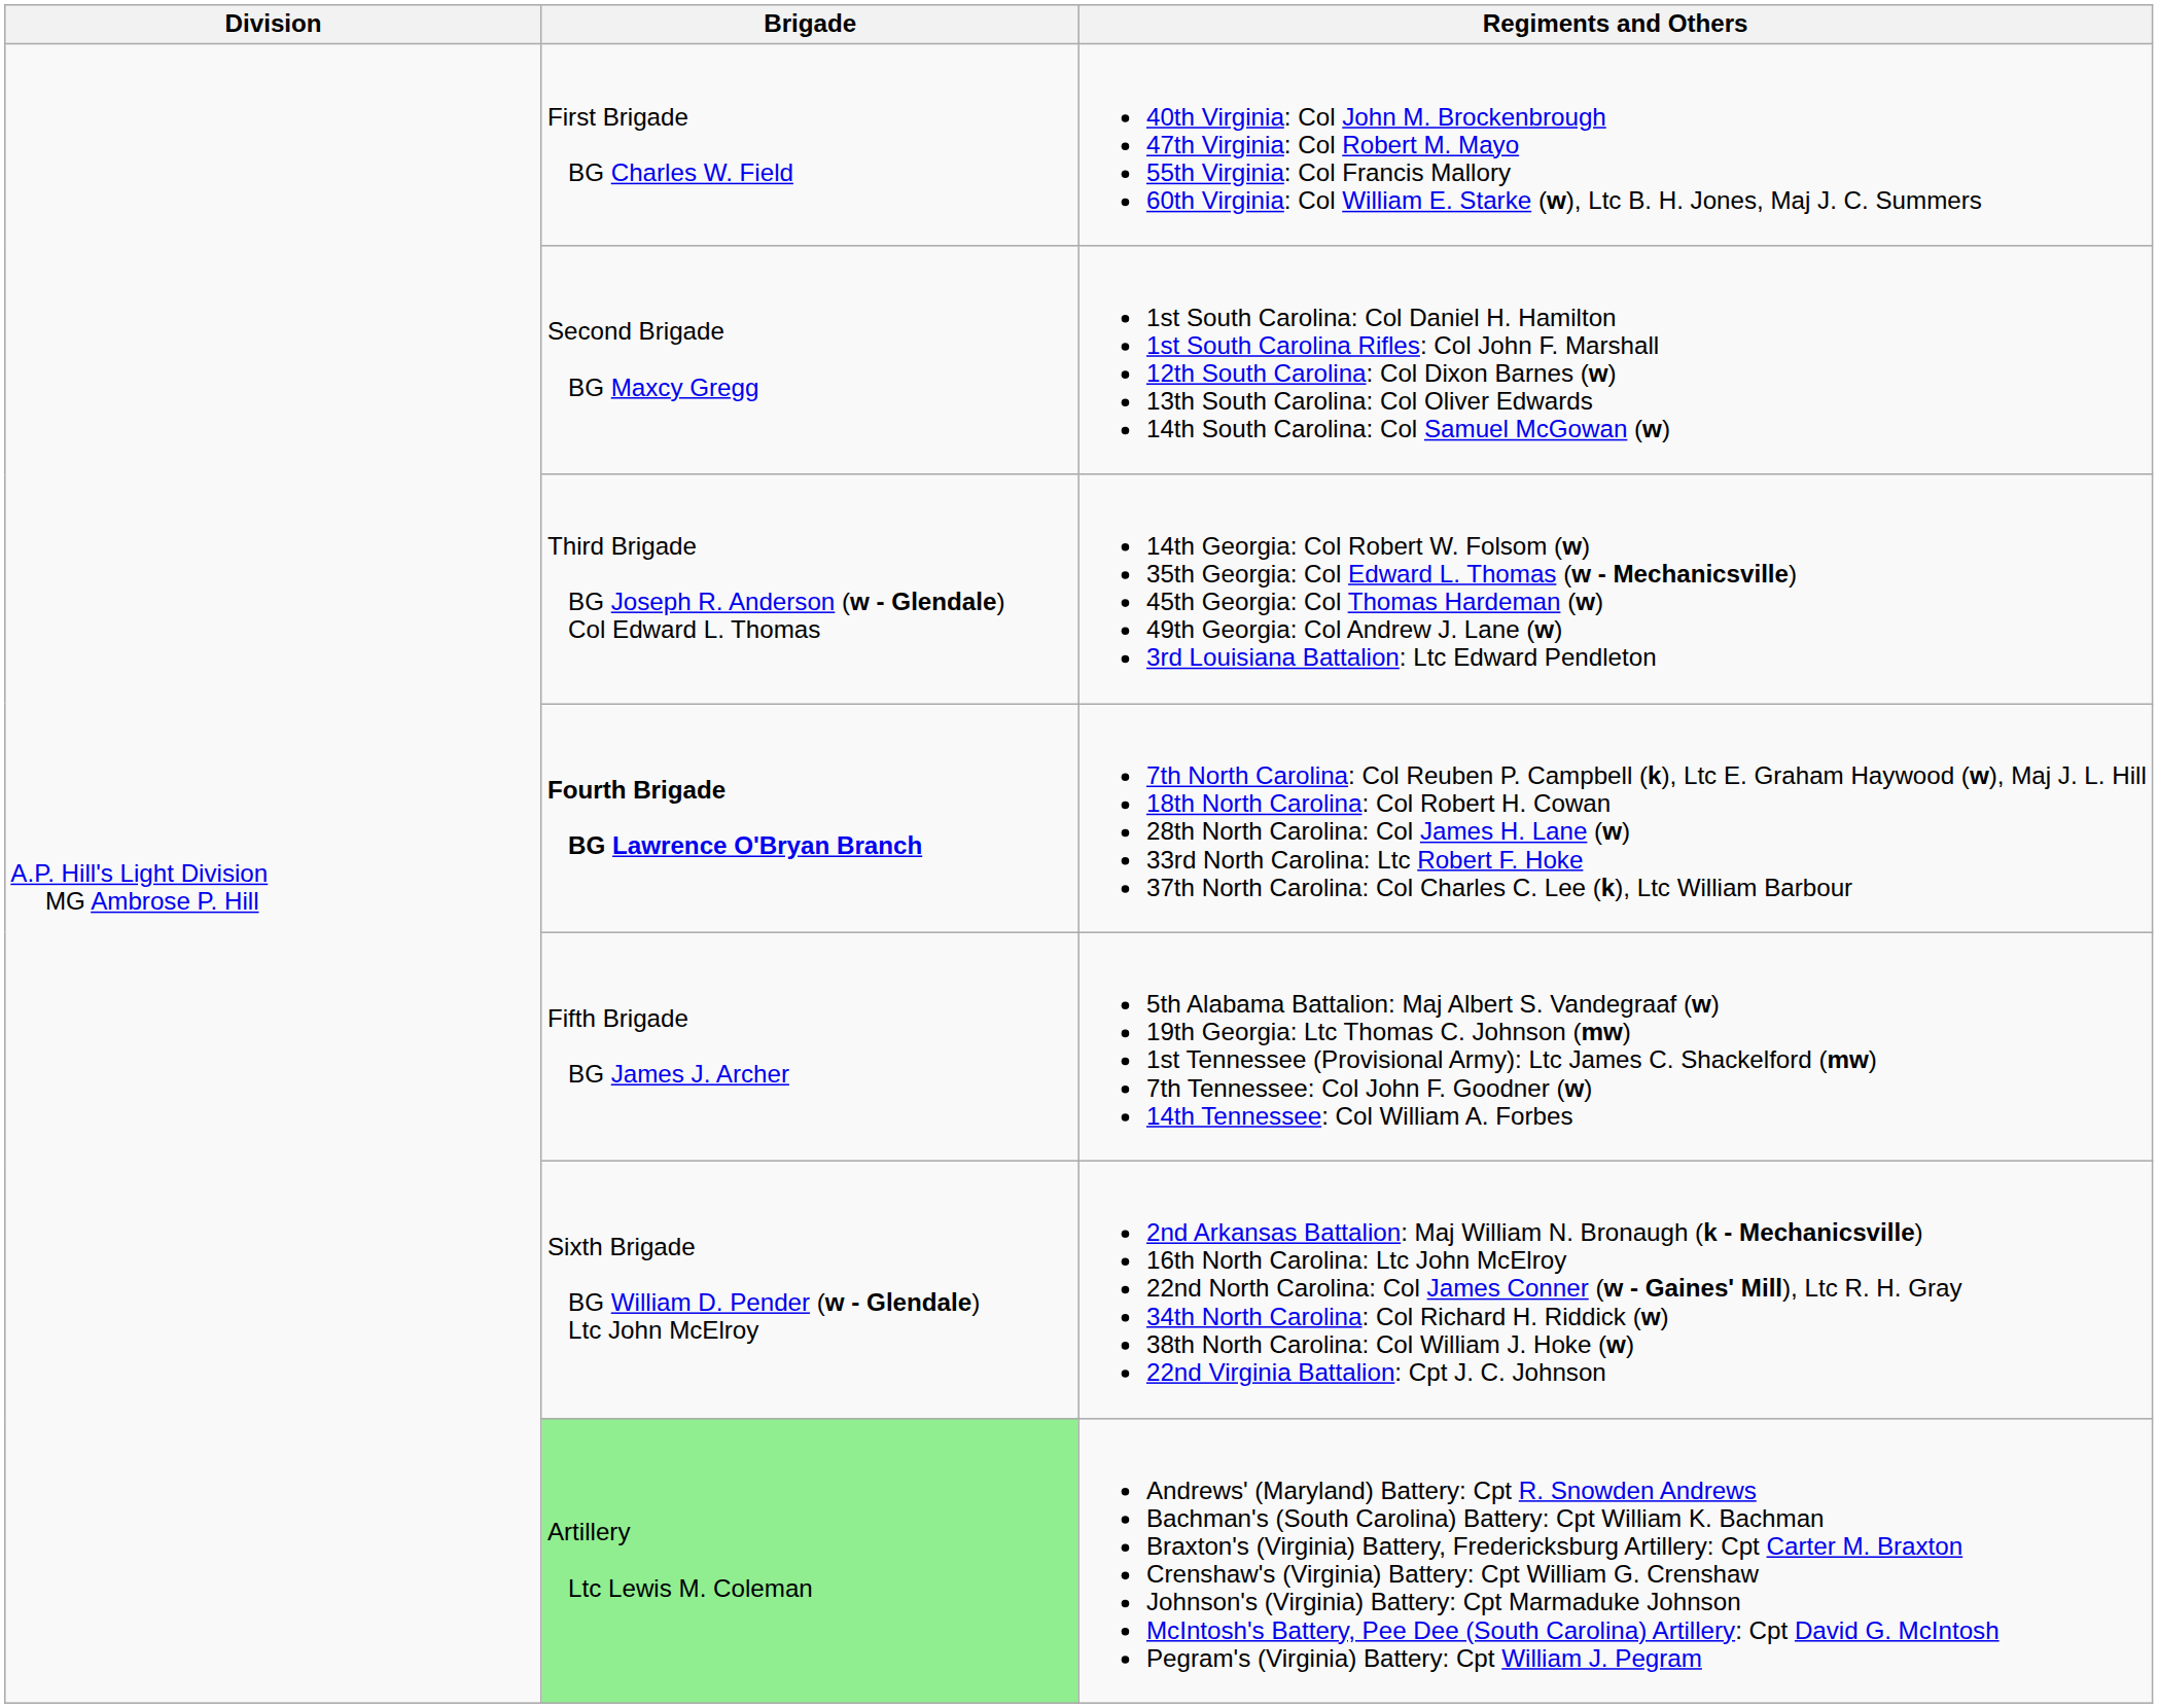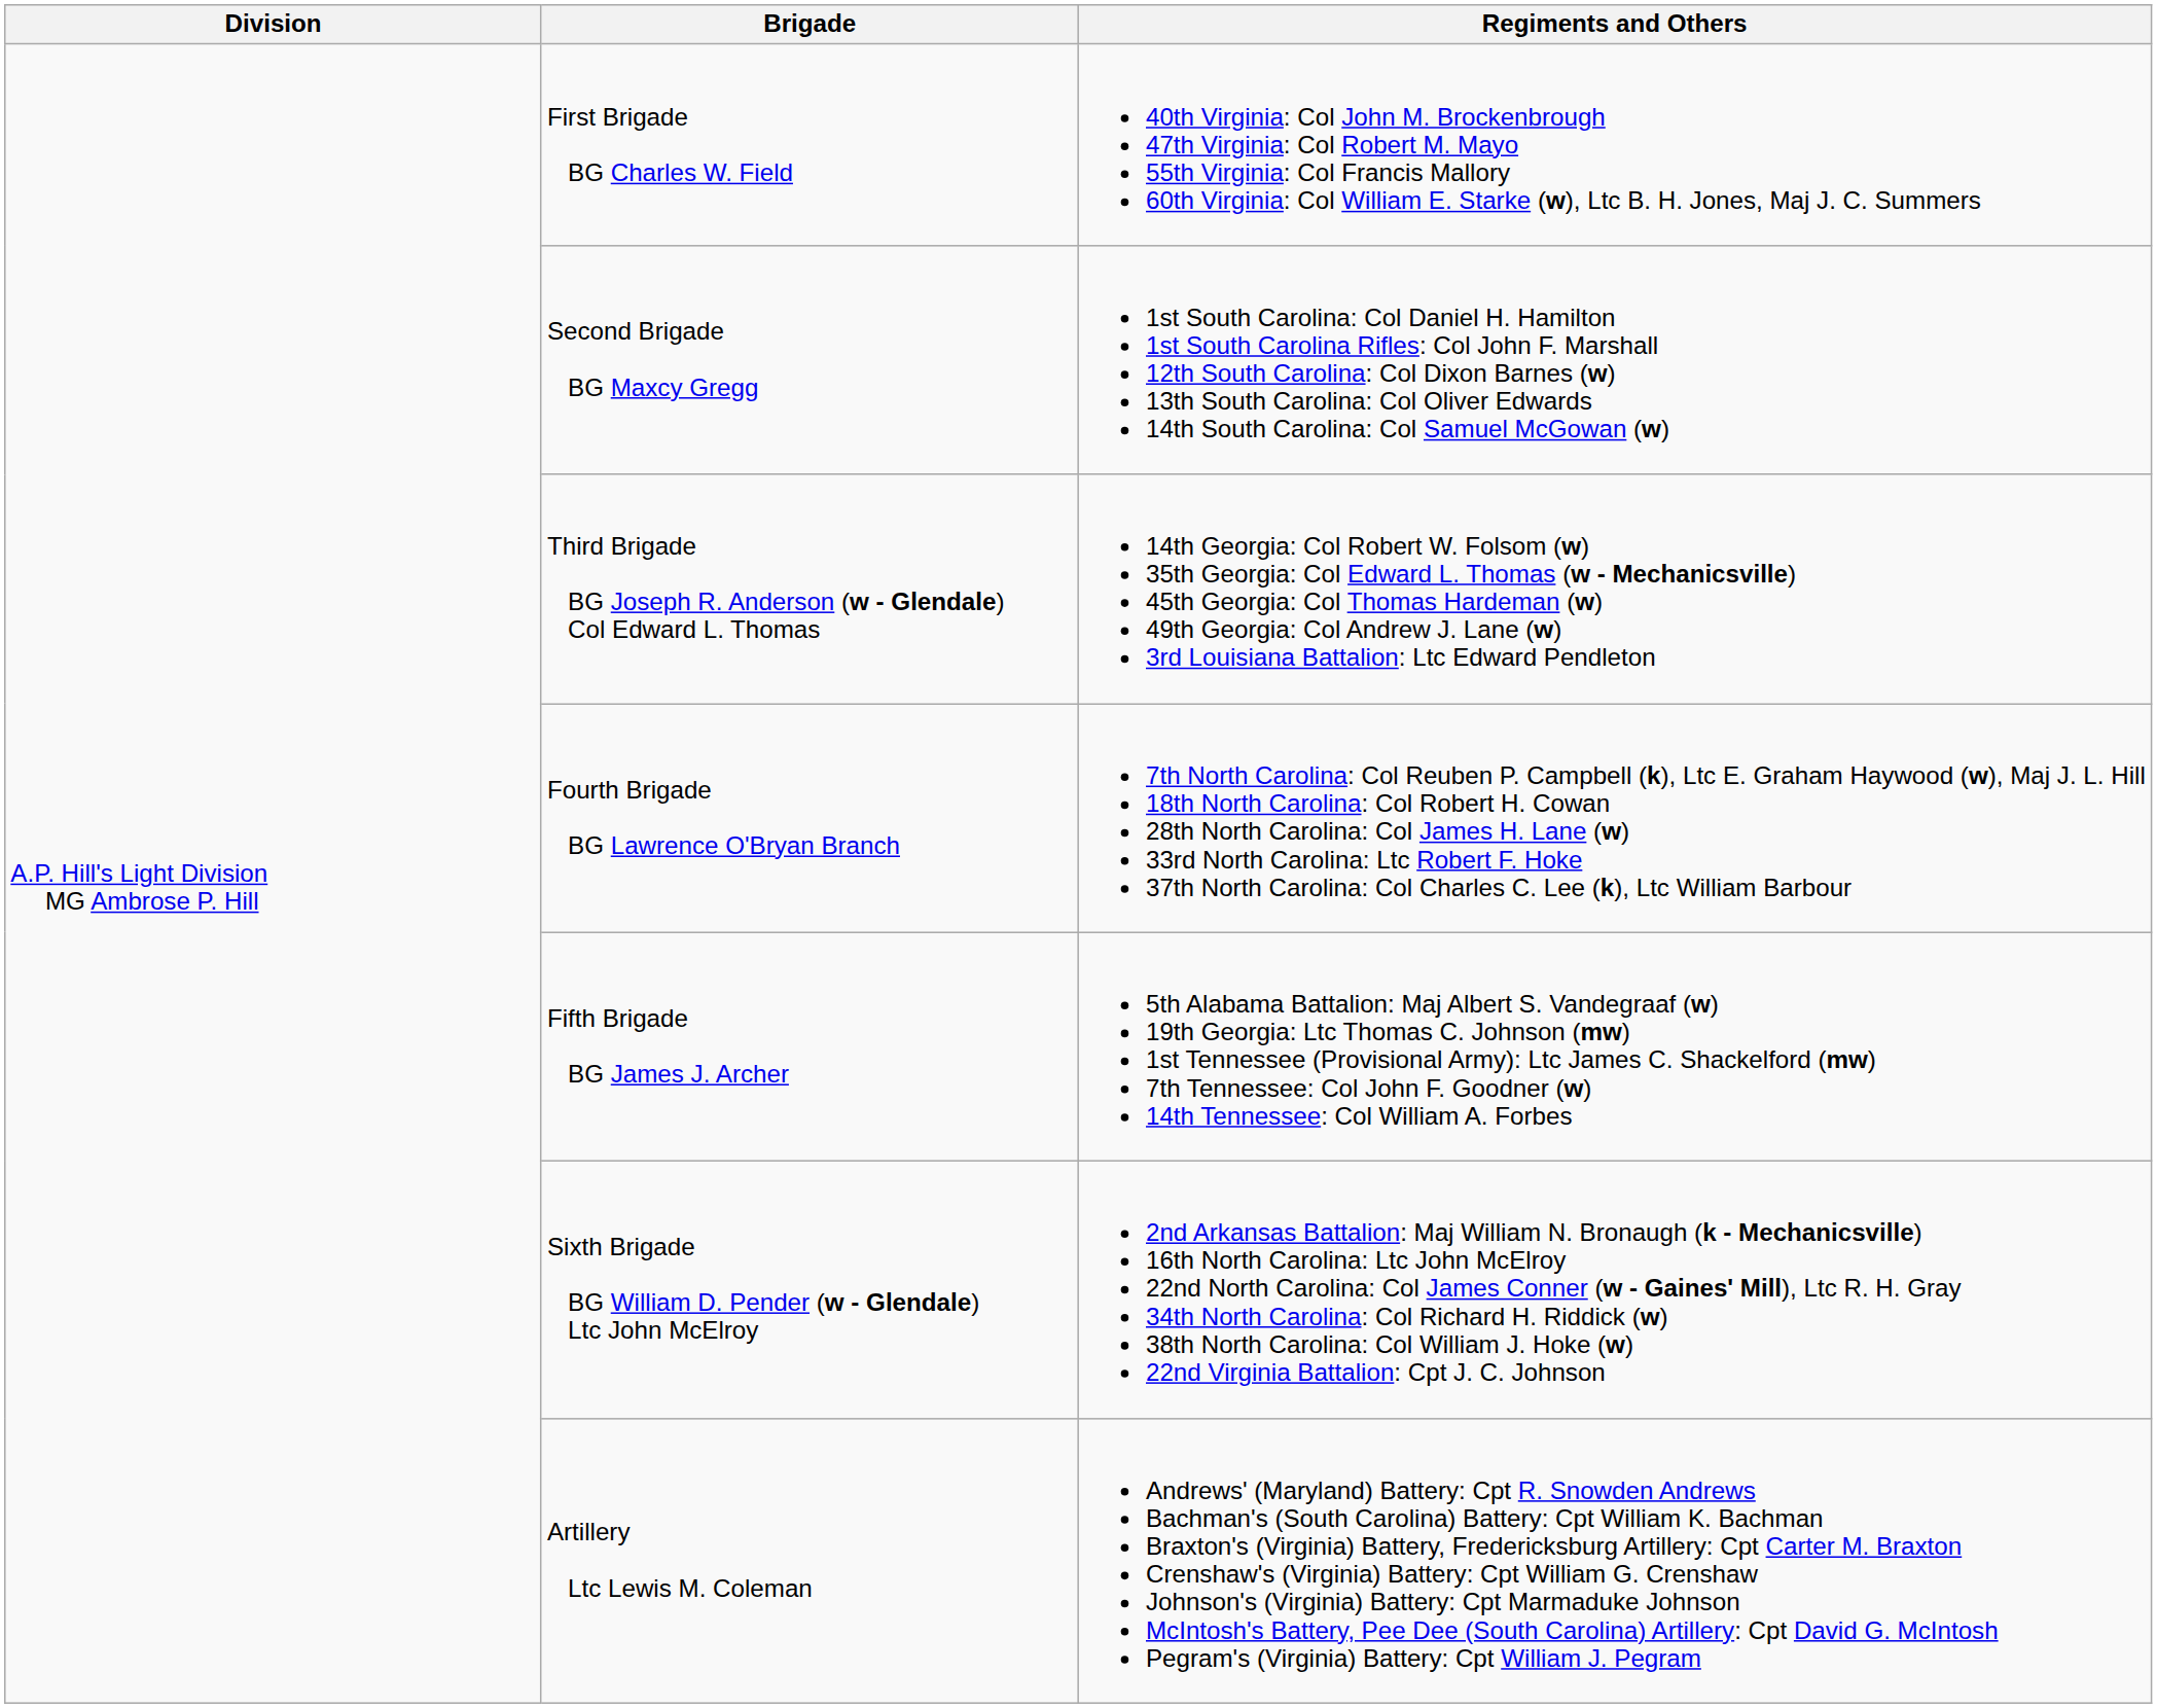 <table class="wikitable">
 <tr>
 <th width=25%>Division</th>
 <th width=25%>Brigade</th>
 <th>Regiments and Others</th>
 </tr>
 <tr>
 <td rowspan=7><br><a href='#'>A.P. Hill's Light Division</a> <br>     MG <a href='#'>Ambrose P. Hill</a></td>
 <td>First Brigade<br><br>   BG <a href='#'>Charles W. Field</a></td>
 <td><br><ul><li><a href='#'>40th Virginia</a>: Col <a href='#'>John M. Brockenbrough</a></li><li><a href='#'>47th Virginia</a>: Col <a href='#'>Robert M. Mayo</a></li><li><a href='#'>55th Virginia</a>: Col Francis Mallory</li><li><a href='#'>60th Virginia</a>: Col <a href='#'>William E. Starke</a> (<strong>w</strong>), Ltc B. H. Jones, Maj J. C. Summers</li></ul></td>
 </tr>
 <tr>
 <td>Second Brigade<br><br>   BG <a href='#'>Maxcy Gregg</a></td>
 <td><br><ul><li>1st South Carolina: Col Daniel H. Hamilton</li><li><a href='#'>1st South Carolina Rifles</a>: Col John F. Marshall</li><li><a href='#'>12th South Carolina</a>: Col Dixon Barnes (<strong>w</strong>)</li><li>13th South Carolina: Col Oliver Edwards</li><li>14th South Carolina: Col <a href='#'>Samuel McGowan</a> (<strong>w</strong>)</li></ul></td>
 </tr>
 <tr>
 <td>Third Brigade<br><br>   BG <a href='#'>Joseph R. Anderson</a> (<strong>w - Glendale</strong>) <br>   Col Edward L. Thomas</td>
 <td><br><ul><li>14th Georgia: Col Robert W. Folsom (<strong>w</strong>)</li><li>35th Georgia: Col <a href='#'>Edward L. Thomas</a> (<strong>w - Mechanicsville</strong>)</li><li>45th Georgia: Col <a href='#'>Thomas Hardeman</a> (<strong>w</strong>)</li><li>49th Georgia: Col Andrew J. Lane (<strong>w</strong>)</li><li><a href='#'>3rd Louisiana Battalion</a>: Ltc Edward Pendleton</li></ul></td>
 </tr>
 <tr>
-<td><strong>Fourth Brigade<br><br>   BG <a href='#'>Lawrence O'Bryan Branch</a></strong></td>
+<td>Fourth Brigade<br><br>   BG <a href='#'>Lawrence O'Bryan Branch</a></td>
 <td><br><ul><li><a href='#'>7th North Carolina</a>: Col Reuben P. Campbell (<strong>k</strong>), Ltc E. Graham Haywood (<strong>w</strong>), Maj J. L. Hill</li><li><a href='#'>18th North Carolina</a>: Col Robert H. Cowan</li><li>28th North Carolina: Col <a href='#'>James H. Lane</a> (<strong>w</strong>)</li><li>33rd North Carolina: Ltc <a href='#'>Robert F. Hoke</a></li><li>37th North Carolina: Col Charles C. Lee (<strong>k</strong>), Ltc William Barbour</li></ul></td>
 </tr>
 <tr>
 <td>Fifth Brigade<br><br>   BG <a href='#'>James J. Archer</a></td>
 <td><br><ul><li>5th Alabama Battalion: Maj Albert S. Vandegraaf (<strong>w</strong>)</li><li>19th Georgia: Ltc Thomas C. Johnson (<strong>mw</strong>)</li><li>1st Tennessee (Provisional Army): Ltc James C. Shackelford (<strong>mw</strong>)</li><li>7th Tennessee: Col John F. Goodner (<strong>w</strong>)</li><li><a href='#'>14th Tennessee</a>: Col William A. Forbes</li></ul></td>
 </tr>
 <tr>
 <td>Sixth Brigade<br><br>   BG <a href='#'>William D. Pender</a> (<strong>w - Glendale</strong>) <br>   Ltc John McElroy</td>
 <td><br><ul><li><a href='#'>2nd Arkansas Battalion</a>: Maj William N. Bronaugh (<strong>k - Mechanicsville</strong>)</li><li>16th North Carolina: Ltc John McElroy</li><li>22nd North Carolina: Col <a href='#'>James Conner</a> (<strong>w - Gaines' Mill</strong>), Ltc R. H. Gray</li><li><a href='#'>34th North Carolina</a>: Col Richard H. Riddick (<strong>w</strong>)</li><li>38th North Carolina: Col William J. Hoke (<strong>w</strong>)</li><li><a href='#'>22nd Virginia Battalion</a>: Cpt J. C. Johnson</li></ul></td>
 </tr>
 <tr>
-<td style="background: lightgreen;">Artillery<br><br>   Ltc Lewis M. Coleman</td>
+<td>Artillery<br><br>   Ltc Lewis M. Coleman</td>
 <td><br><ul><li>Andrews' (Maryland) Battery: Cpt <a href='#'>R. Snowden Andrews</a></li><li>Bachman's (South Carolina) Battery: Cpt William K. Bachman</li><li>Braxton's (Virginia) Battery, Fredericksburg Artillery: Cpt <a href='#'>Carter M. Braxton</a></li><li>Crenshaw's (Virginia) Battery: Cpt William G. Crenshaw</li><li>Johnson's (Virginia) Battery: Cpt Marmaduke Johnson</li><li><a href='#'>McIntosh's Battery, Pee Dee (South Carolina) Artillery</a>: Cpt <a href='#'>David G. McIntosh</a></li><li>Pegram's (Virginia) Battery: Cpt <a href='#'>William J. Pegram</a></li></ul></td>
 </tr>
 </table>
